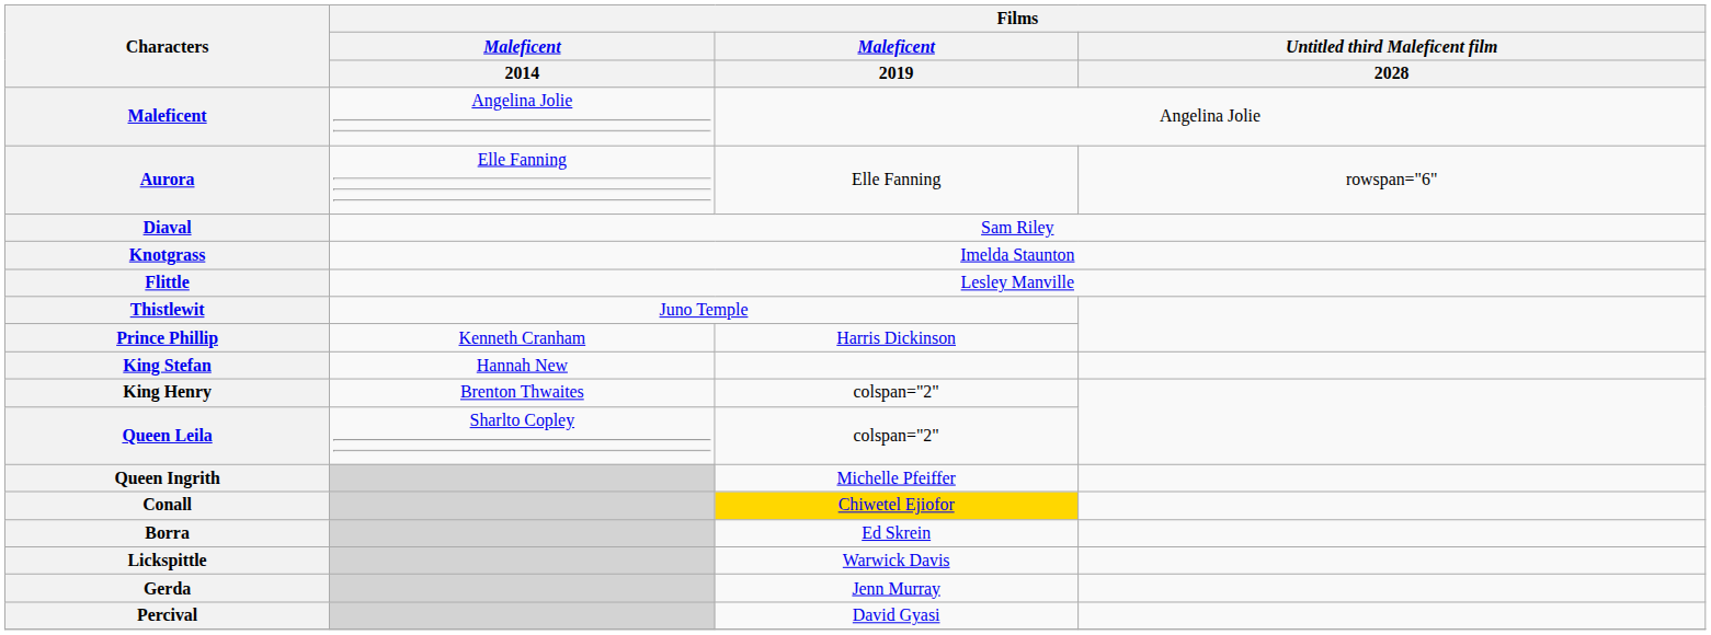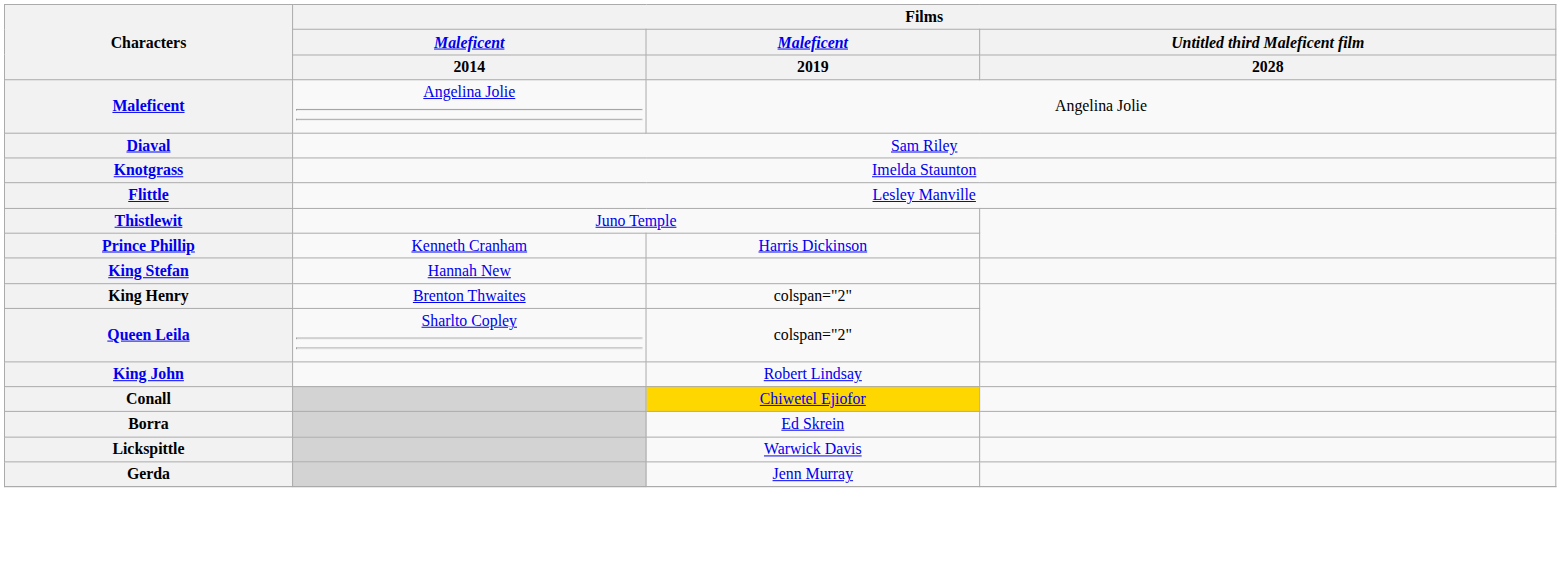 <table class="wikitable" style="text-align:center; width:99%;">
 <tr>
 <th rowspan="3">Characters</th>
 <th colspan="3">Films</th>
 </tr>
 <tr>
 <th><em><a href='#'>Maleficent</a></em></th>
 <th><em><a href='#'>Maleficent<br></a></em></th>
 <th><em>Untitled third Maleficent film</em></th>
 </tr>
 <tr>
 <th>2014</th>
 <th>2019</th>
 <th>2028</th>
 </tr>
 <tr>
 <th><a href='#'>Maleficent</a></th>
 <td><a href='#'>Angelina Jolie</a><hr><hr></td>
 <td colspan="2">Angelina Jolie</td>
-</tr>
-<tr>
-<th><a href='#'>Aurora</a></th>
-<td><a href='#'>Elle Fanning</a><hr><hr><hr></td>
-<td>Elle Fanning</td>
-<td>rowspan="6" </td>
 </tr>
 <tr>
 <th><a href='#'>Diaval</a></th>
 <td colspan="3"><a href='#'>Sam Riley</a></td>
 </tr>
 <tr>
 <th><a href='#'>Knotgrass</a></th>
 <td colspan="3"><a href='#'>Imelda Staunton</a></td>
 </tr>
 <tr>
 <th><a href='#'>Flittle</a></th>
 <td colspan="3"><a href='#'>Lesley Manville</a></td>
 </tr>
 <tr>
 <th><a href='#'>Thistlewit</a></th>
 <td colspan="2"><a href='#'>Juno Temple</a></td>
 </tr>
 <tr>
 <th><a href='#'>Prince Phillip</a></th>
 <td><a href='#'>Kenneth Cranham</a></td>
 <td><a href='#'>Harris Dickinson</a></td>
 </tr>
 <tr>
 <th><a href='#'>King Stefan</a></th>
 <td><a href='#'>Hannah New</a></td>
 <td></td>
 <td></td>
 </tr>
 <tr>
 <th>King Henry</th>
 <td><a href='#'>Brenton Thwaites</a></td>
 <td>colspan="2" </td>
 </tr>
 <tr>
 <th><a href='#'>Queen Leila</a></th>
 <td><a href='#'>Sharlto Copley</a><hr><hr></td>
 <td>colspan="2" </td>
 </tr>
 <tr>
-<th>Queen Ingrith</th>
-<td style="background-color:#D3D3D3;"></td>
-<td><a href='#'>Michelle Pfeiffer</a></td>
+<th><a href='#'>King John</a></th>
+<td></td>
+<td><a href='#'>Robert Lindsay</a></td>
 <td></td>
 </tr>
 <tr>
 <th>Conall</th>
 <td style="background-color:#D3D3D3;"></td>
 <td style="background: gold;"><a href='#'>Chiwetel Ejiofor</a></td>
 <td></td>
 </tr>
 <tr>
 <th>Borra</th>
 <td style="background-color:#D3D3D3;"></td>
 <td><a href='#'>Ed Skrein</a></td>
 <td></td>
 </tr>
 <tr>
 <th>Lickspittle</th>
 <td style="background-color:#D3D3D3;"></td>
 <td><a href='#'>Warwick Davis</a></td>
 <td></td>
 </tr>
 <tr>
 <th>Gerda</th>
 <td style="background-color:#D3D3D3;"></td>
 <td><a href='#'>Jenn Murray</a></td>
 <td></td>
 </tr>
 <tr>
-<th>Percival</th>
-<td style="background-color:#D3D3D3;"></td>
-<td><a href='#'>David Gyasi</a></td>
-<td></td>
-</tr>
-<tr>
 </tr>
 </table>
